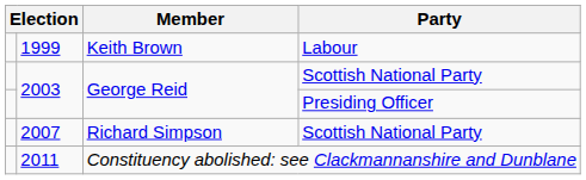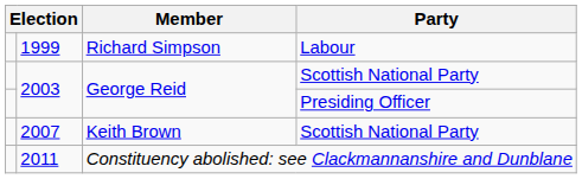 <table class="wikitable">
 <tr>
 <th colspan="2">Election</th>
 <th>Member</th>
 <th>Party</th>
 </tr>
 <tr>
 <td style="background-color: "></td>
 <td><a href='#'>1999</a></td>
-<td><a href='#'>Keith Brown</a></td>
+<td><a href='#'>Richard Simpson</a></td>
 <td><a href='#'>Labour</a></td>
 </tr>
 <tr>
 <td style="background-color: "></td>
 <td rowspan="2"><a href='#'>2003</a></td>
 <td rowspan="2"><a href='#'>George Reid</a></td>
 <td><a href='#'>Scottish National Party</a></td>
 </tr>
 <tr>
 <td style="background-color: "></td>
 <td><a href='#'>Presiding Officer</a></td>
 </tr>
 <tr>
 <td style="background-color: "></td>
 <td><a href='#'>2007</a></td>
-<td><a href='#'>Richard Simpson</a></td>
+<td><a href='#'>Keith Brown</a></td>
 <td><a href='#'>Scottish National Party</a></td>
 </tr>
 <tr>
 <td></td>
 <td><a href='#'>2011</a></td>
 <td colspan="3"><em>Constituency abolished: see <a href='#'>Clackmannanshire and Dunblane</a></em></td>
 </tr>
 </table>
